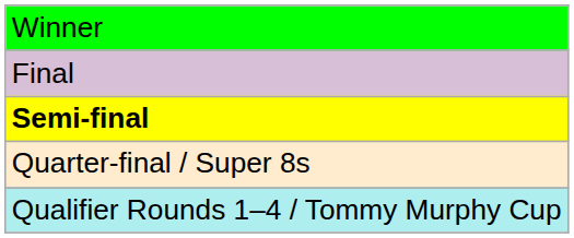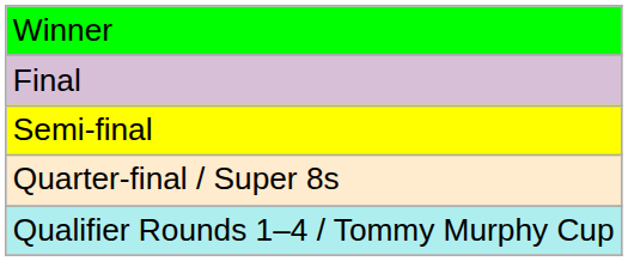 <table class="wikitable">
 <tr>
 <td bgcolor="lime">Winner</td>
 </tr>
 <tr>
 <td bgcolor="thistle">Final</td>
 </tr>
 <tr>
-<td bgcolor="yellow"><strong>Semi-final</strong></td>
+<td bgcolor="yellow">Semi-final</td>
 </tr>
 <tr>
 <td style="background:#ffebcd;">Quarter-final / Super 8s</td>
 </tr>
 <tr>
 <td style="background:#afeeee;">Qualifier Rounds 1–4 / Tommy Murphy Cup</td>
 </tr>
 </table>
